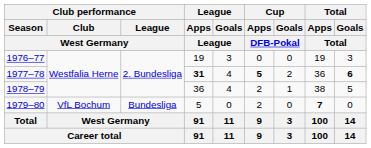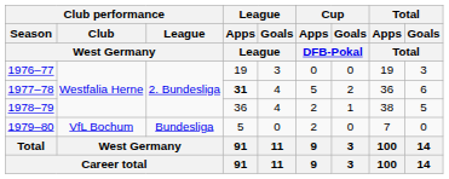 <table class="wikitable" style="text-align:center">
 <tr>
 <th colspan=3>Club performance</th>
 <th colspan=2>League</th>
 <th colspan=2>Cup</th>
 <th colspan=2>Total</th>
 </tr>
 <tr>
 <th>Season</th>
 <th>Club</th>
 <th>League</th>
 <th>Apps</th>
 <th>Goals</th>
 <th>Apps</th>
 <th>Goals</th>
 <th>Apps</th>
 <th>Goals</th>
 </tr>
 <tr>
 <th colspan=3>West Germany</th>
 <th colspan=2>League</th>
 <th colspan=2><a href='#'>DFB-Pokal</a></th>
 <th colspan=2>Total</th>
 </tr>
 <tr>
 <td><a href='#'>1976–77</a></td>
 <td rowspan="3"><a href='#'>Westfalia Herne</a></td>
 <td rowspan="3"><a href='#'>2. Bundesliga</a></td>
 <td>19</td>
 <td>3</td>
 <td>0</td>
 <td>0</td>
 <td>19</td>
 <td>3</td>
 </tr>
 <tr>
 <td><a href='#'>1977–78</a></td>
 <td><strong>31</strong></td>
 <td>4</td>
-<td><strong>5</strong></td>
+<td>5</td>
 <td>2</td>
 <td>36</td>
-<td><strong>6</strong></td>
+<td>6</td>
 </tr>
 <tr>
 <td><a href='#'>1978–79</a></td>
 <td>36</td>
 <td>4</td>
 <td>2</td>
 <td>1</td>
 <td>38</td>
 <td>5</td>
 </tr>
 <tr>
 <td><a href='#'>1979–80</a></td>
 <td><a href='#'>VfL Bochum</a></td>
 <td><a href='#'>Bundesliga</a></td>
 <td>5</td>
 <td>0</td>
 <td>2</td>
 <td>0</td>
-<td><strong>7</strong></td>
+<td>7</td>
 <td>0</td>
 </tr>
 <tr>
 <th rowspan=1>Total</th>
 <th colspan=2>West Germany</th>
 <th>91</th>
 <th>11</th>
 <th>9</th>
 <th>3</th>
 <th>100</th>
 <th>14</th>
 </tr>
 <tr>
 <th colspan=3>Career total</th>
 <th>91</th>
 <th>11</th>
 <th>9</th>
 <th>3</th>
 <th>100</th>
 <th>14</th>
 </tr>
 </table>
